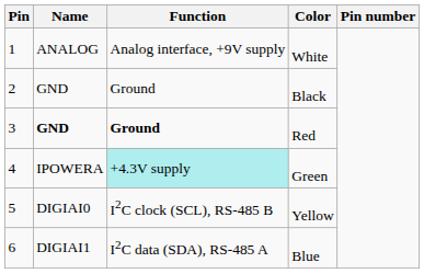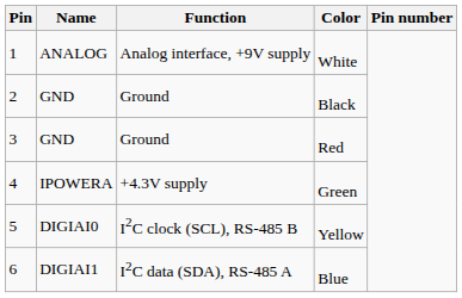 <table class="wikitable">
 <tr>
 <th>Pin</th>
 <th>Name</th>
 <th>Function</th>
 <th>Color</th>
 <th>Pin number</th>
 </tr>
 <tr>
 <td>1</td>
 <td>ANALOG</td>
 <td>Analog interface, +9V supply</td>
 <td><br> White</td>
 <td rowspan="6"></td>
 </tr>
 <tr>
 <td>2</td>
 <td>GND</td>
 <td>Ground</td>
 <td><br> Black</td>
 </tr>
 <tr>
 <td>3</td>
-<td><strong>GND</strong></td>
-<td><strong>Ground</strong></td>
+<td>GND</td>
+<td>Ground</td>
 <td><br> Red</td>
 </tr>
 <tr>
 <td>4</td>
 <td>IPOWERA</td>
-<td style="background: paleturquoise;">+4.3V supply</td>
+<td>+4.3V supply</td>
 <td><br> Green</td>
 </tr>
 <tr>
 <td>5</td>
 <td>DIGIAI0</td>
 <td>I<sup>2</sup>C clock (SCL), RS-485 B</td>
 <td><br> Yellow</td>
 </tr>
 <tr>
 <td>6</td>
 <td>DIGIAI1</td>
 <td>I<sup>2</sup>C data (SDA), RS-485 A</td>
 <td><br> Blue</td>
 </tr>
 </table>
